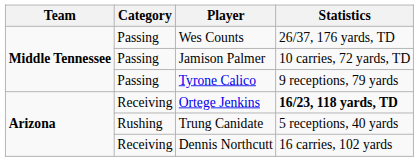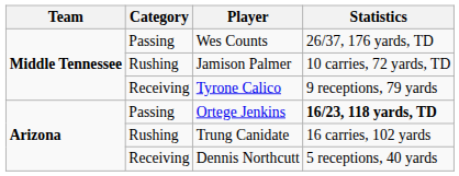 <table class="wikitable" style="float: right;">
 <tr>
 <th>Team</th>
 <th>Category</th>
 <th>Player</th>
 <th>Statistics</th>
 </tr>
 <tr>
 <td rowspan=3><strong>Middle Tennessee</strong></td>
 <td>Passing</td>
 <td>Wes Counts</td>
 <td>26/37, 176 yards, TD</td>
 </tr>
 <tr>
-<td>Passing</td>
+<td>Rushing</td>
 <td>Jamison Palmer</td>
 <td>10 carries, 72 yards, TD</td>
 </tr>
 <tr>
-<td>Passing</td>
+<td>Receiving</td>
 <td><a href='#'>Tyrone Calico</a></td>
 <td>9 receptions, 79 yards</td>
 </tr>
 <tr>
 <td rowspan=3><strong>Arizona</strong></td>
-<td>Receiving</td>
+<td>Passing</td>
 <td><a href='#'>Ortege Jenkins</a></td>
 <td><strong>16/23, 118 yards, TD</strong></td>
 </tr>
 <tr>
 <td>Rushing</td>
 <td>Trung Canidate</td>
-<td>5 receptions, 40 yards</td>
+<td>16 carries, 102 yards</td>
 </tr>
 <tr>
 <td>Receiving</td>
 <td>Dennis Northcutt</td>
-<td>16 carries, 102 yards</td>
+<td>5 receptions, 40 yards</td>
 </tr>
 </table>
